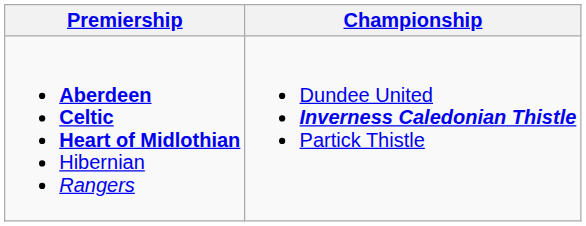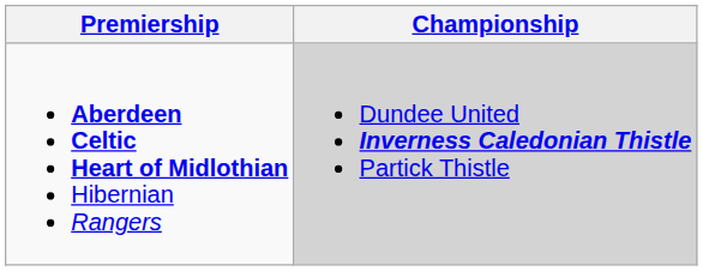 <table class="wikitable" style="text-align:left">
 <tr>
 <th><a href='#'>Premiership</a></th>
 <th><a href='#'>Championship</a></th>
 </tr>
 <tr>
 <td valign=top><br><ul><li><strong><a href='#'>Aberdeen</a></strong></li><li><strong><a href='#'>Celtic</a></strong></li><li><strong><a href='#'>Heart of Midlothian</a></strong></li><li><a href='#'>Hibernian</a></li><li><em><a href='#'>Rangers</a></em></li></ul></td>
-<td valign=top><br><ul><li><a href='#'>Dundee United</a></li><li><strong><em><a href='#'>Inverness Caledonian Thistle</a></em></strong></li><li><a href='#'>Partick Thistle</a></li></ul></td>
+<td valign=top style="background: lightgrey;"><br><ul><li><a href='#'>Dundee United</a></li><li><strong><em><a href='#'>Inverness Caledonian Thistle</a></em></strong></li><li><a href='#'>Partick Thistle</a></li></ul></td>
 </tr>
 </table>
